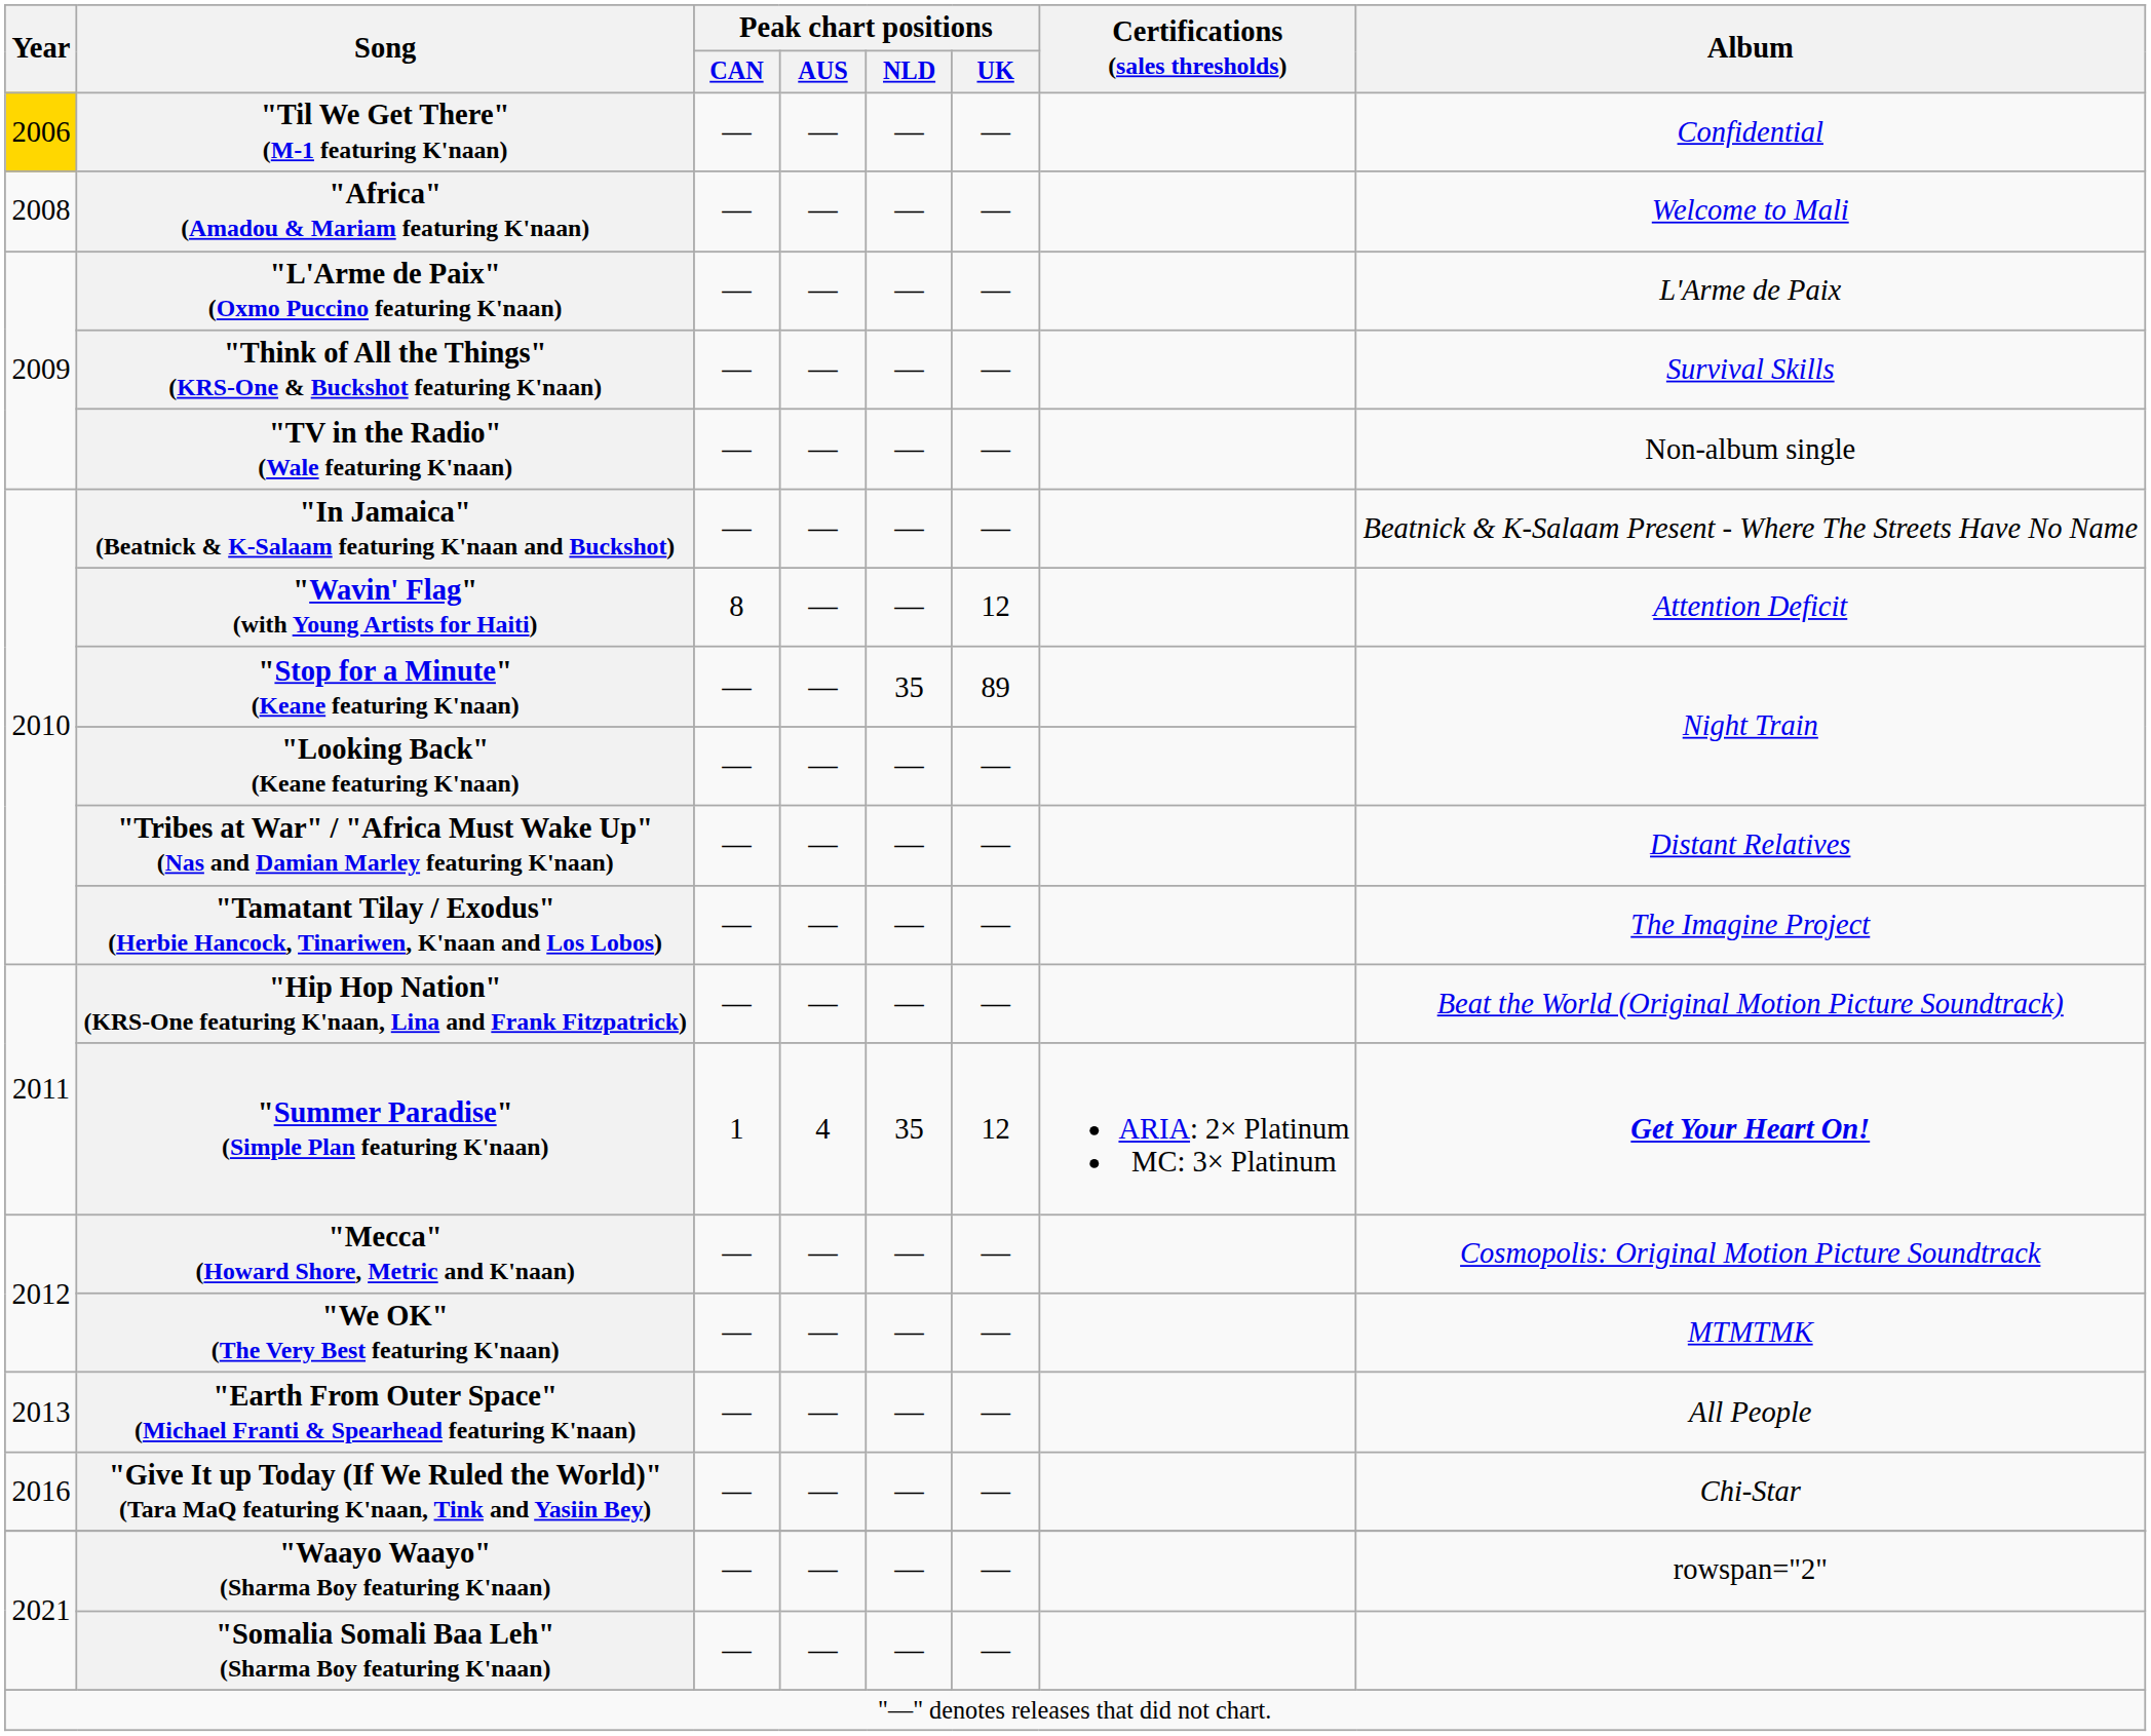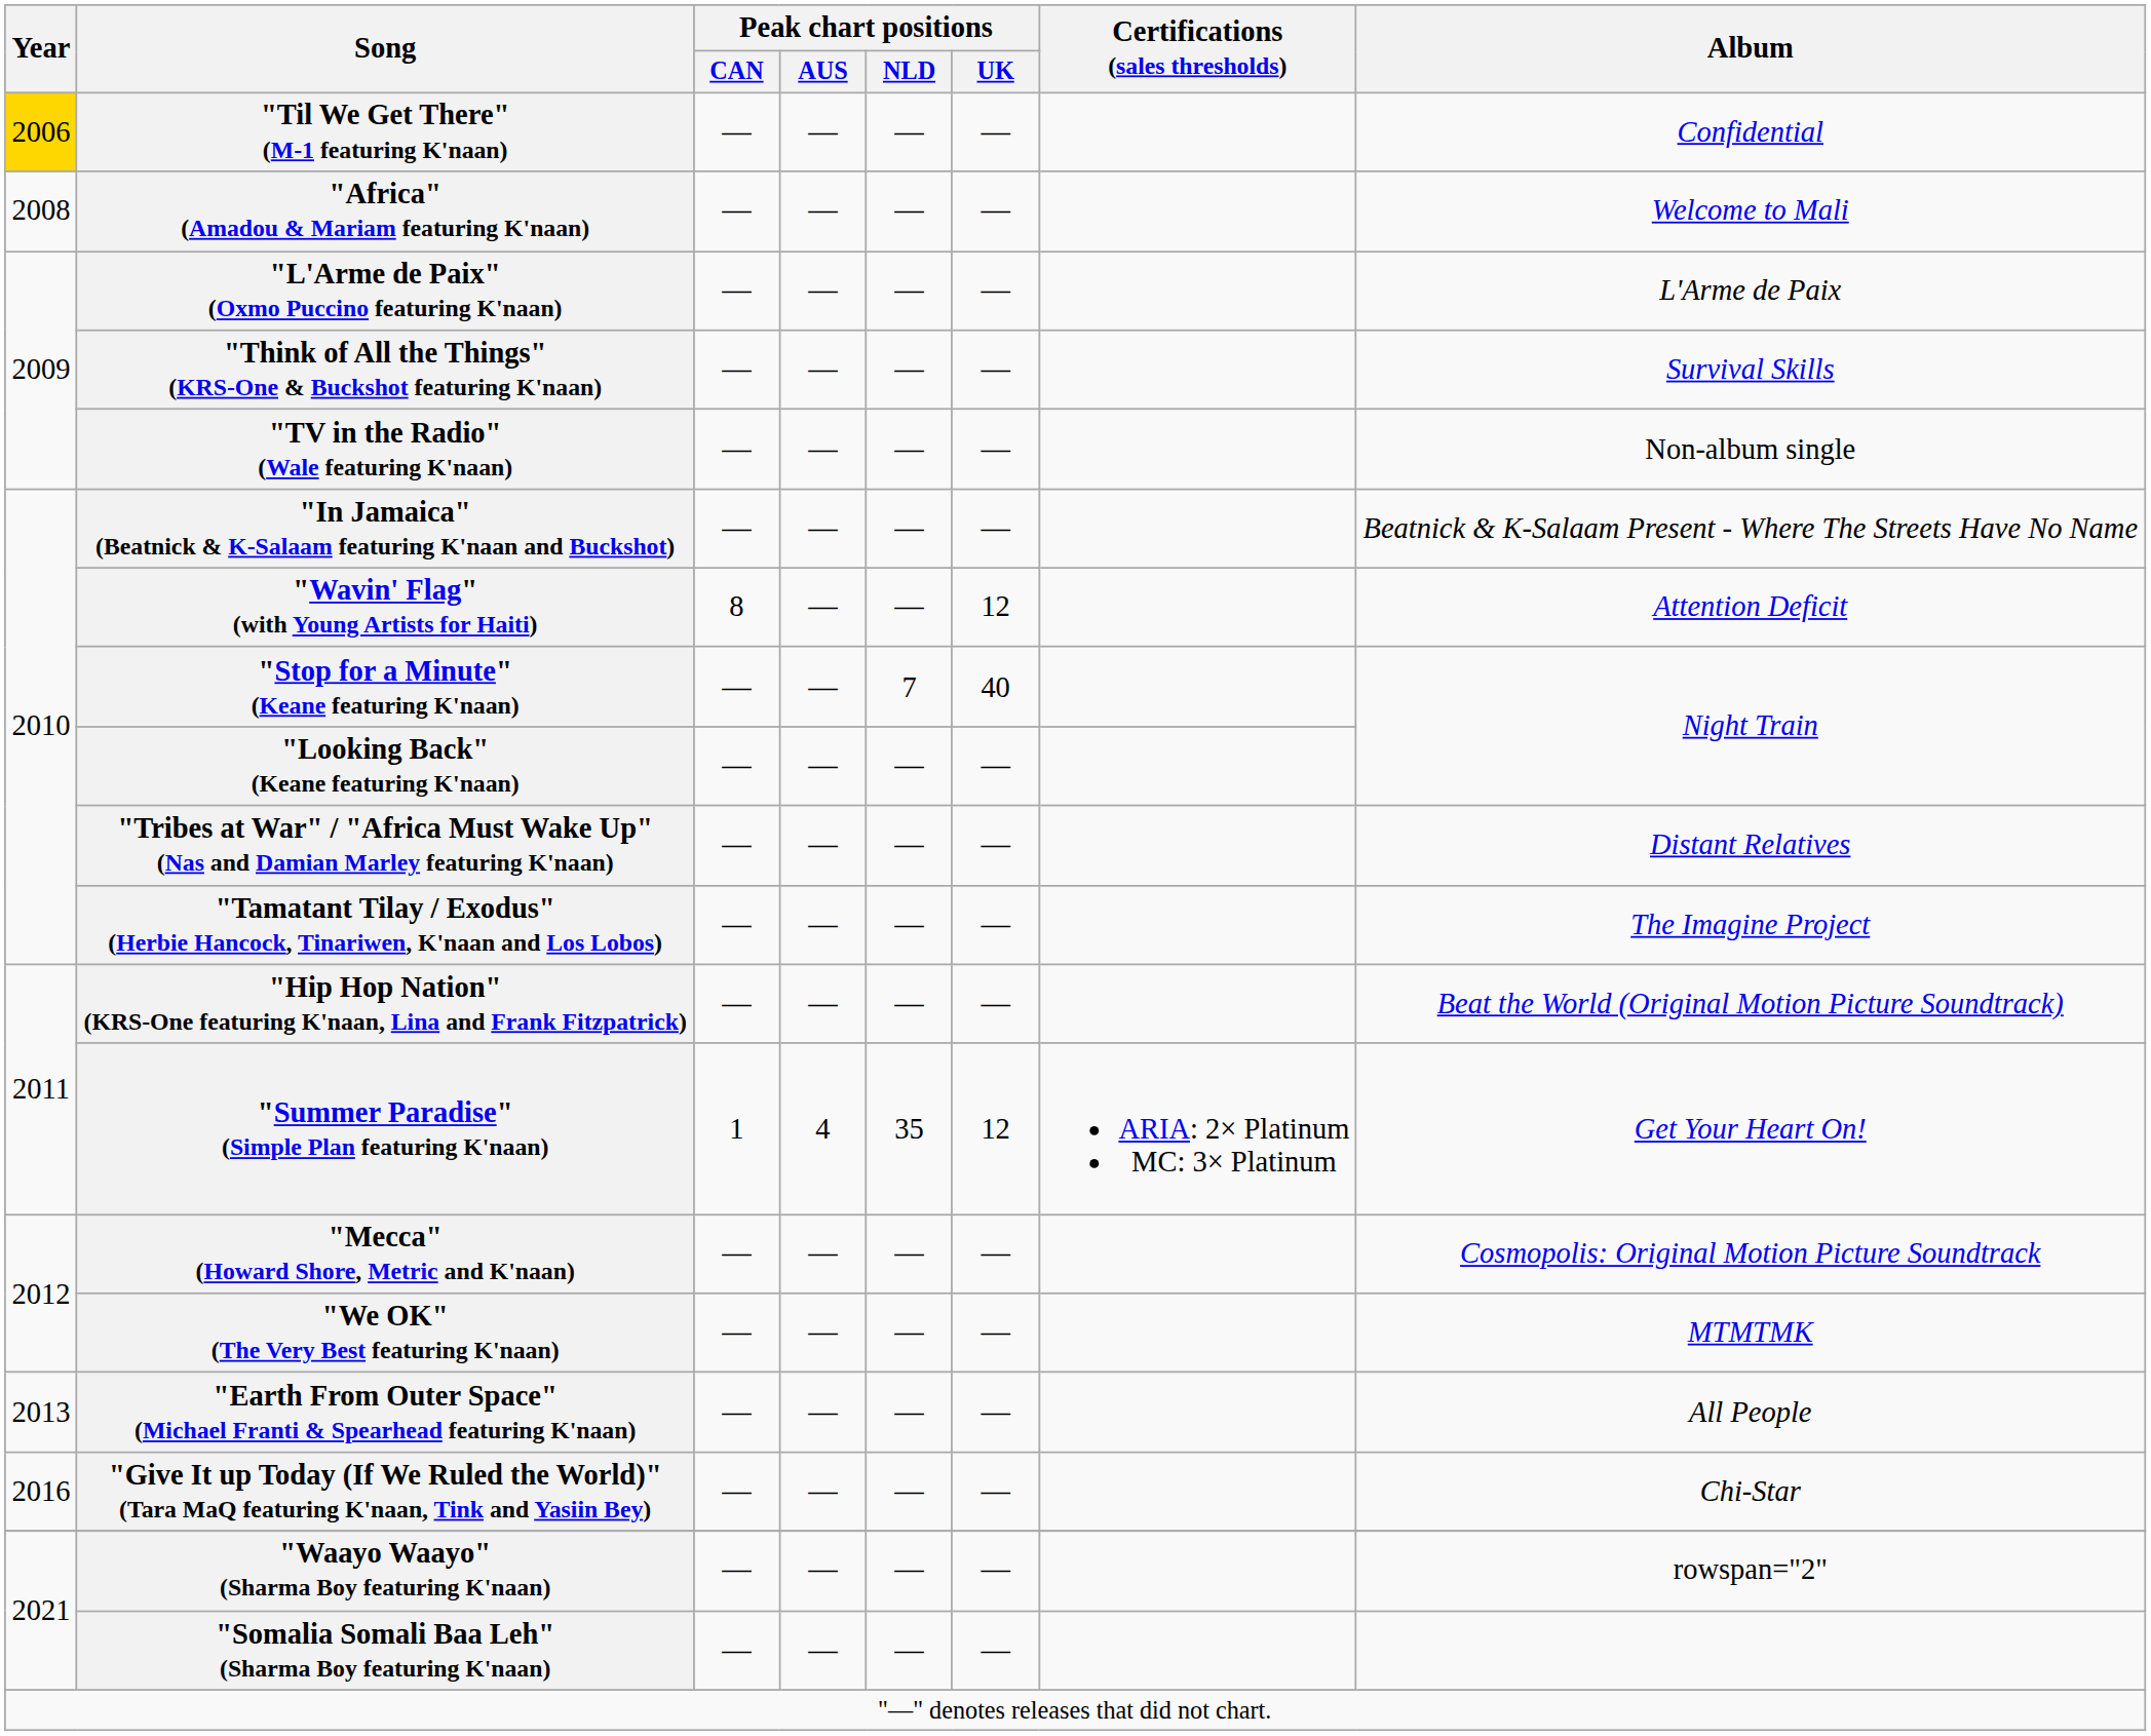 <table class="wikitable plainrowheaders" style="text-align:center;">
 <tr>
 <th scope="col" rowspan="2">Year</th>
 <th scope="col" rowspan="2">Song</th>
 <th scope="col" colspan="4">Peak chart positions</th>
 <th scope="col" rowspan="2">Certifications<br><small>(<a href='#'>sales thresholds</a>)</small></th>
 <th scope="col" rowspan="2">Album</th>
 </tr>
 <tr>
 <th scope="col" style="width:3em;font-size:85%;"><a href='#'>CAN</a></th>
 <th scope="col" style="width:3em;font-size:85%;"><a href='#'>AUS</a></th>
 <th scope="col" style="width:3em;font-size:85%;"><a href='#'>NLD</a></th>
 <th scope="col" style="width:3em;font-size:85%;"><a href='#'>UK</a></th>
 </tr>
 <tr>
 <td style="background: gold;">2006</td>
 <th scope="row">"Til We Get There"<br><small>(<a href='#'>M-1</a> featuring K'naan)</small></th>
 <td>—</td>
 <td>—</td>
 <td>—</td>
 <td>—</td>
 <td></td>
 <td><em><a href='#'>Confidential</a></em></td>
 </tr>
 <tr>
 <td>2008</td>
 <th scope="row">"Africa"<br><small>(<a href='#'>Amadou & Mariam</a> featuring K'naan)</small></th>
 <td>—</td>
 <td>—</td>
 <td>—</td>
 <td>—</td>
 <td></td>
 <td><em><a href='#'>Welcome to Mali</a></em></td>
 </tr>
 <tr>
 <td rowspan="3">2009</td>
 <th scope="row">"L'Arme de Paix"<br><small>(<a href='#'>Oxmo Puccino</a> featuring K'naan)</small></th>
 <td>—</td>
 <td>—</td>
 <td>—</td>
 <td>—</td>
 <td></td>
 <td><em>L'Arme de Paix</em></td>
 </tr>
 <tr>
 <th scope="row">"Think of All the Things"<br><small>(<a href='#'>KRS-One</a> & <a href='#'>Buckshot</a> featuring K'naan)</small></th>
 <td>—</td>
 <td>—</td>
 <td>—</td>
 <td>—</td>
 <td></td>
 <td><em><a href='#'>Survival Skills</a></em></td>
 </tr>
 <tr>
 <th scope="row">"TV in the Radio"<br><small>(<a href='#'>Wale</a> featuring K'naan)</small></th>
 <td>—</td>
 <td>—</td>
 <td>—</td>
 <td>—</td>
 <td></td>
 <td>Non-album single</td>
 </tr>
 <tr>
 <td rowspan="6">2010</td>
 <th scope="row">"In Jamaica"<br><small>(Beatnick & <a href='#'>K-Salaam</a> featuring K'naan and <a href='#'>Buckshot</a>)</small></th>
 <td>—</td>
 <td>—</td>
 <td>—</td>
 <td>—</td>
 <td></td>
 <td><em>Beatnick & K-Salaam Present - Where The Streets Have No Name</em></td>
 </tr>
 <tr>
 <th scope="row">"<a href='#'>Wavin' Flag</a>"<br><small>(with <a href='#'>Young Artists for Haiti</a>)</small></th>
 <td>8</td>
 <td>—</td>
 <td>—</td>
 <td>12</td>
 <td></td>
 <td><em><a href='#'>Attention Deficit</a></em></td>
 </tr>
 <tr>
 <th scope="row">"<a href='#'>Stop for a Minute</a>"<br><small>(<a href='#'>Keane</a> featuring K'naan)</small></th>
 <td>—</td>
 <td>—</td>
-<td>35</td>
-<td>89</td>
+<td>7</td>
+<td>40</td>
 <td></td>
 <td rowspan="2"><em><a href='#'>Night Train</a></em></td>
 </tr>
 <tr>
 <th scope="row">"Looking Back"<br><small>(Keane featuring K'naan)</small></th>
 <td>—</td>
 <td>—</td>
 <td>—</td>
 <td>—</td>
 <td></td>
 </tr>
 <tr>
 <th scope="row">"Tribes at War" / "Africa Must Wake Up"<br><small>(<a href='#'>Nas</a> and <a href='#'>Damian Marley</a> featuring K'naan)</small></th>
 <td>—</td>
 <td>—</td>
 <td>—</td>
 <td>—</td>
 <td></td>
 <td><em><a href='#'>Distant Relatives</a></em></td>
 </tr>
 <tr>
 <th scope="row">"Tamatant Tilay / Exodus"<br><small>(<a href='#'>Herbie Hancock</a>, <a href='#'>Tinariwen</a>, K'naan and <a href='#'>Los Lobos</a>)</small></th>
 <td>—</td>
 <td>—</td>
 <td>—</td>
 <td>—</td>
 <td></td>
 <td><em><a href='#'>The Imagine Project</a></em></td>
 </tr>
 <tr>
 <td rowspan="2">2011</td>
 <th scope="row">"Hip Hop Nation"<br><small>(KRS-One featuring K'naan, <a href='#'>Lina</a> and <a href='#'>Frank Fitzpatrick</a>)</small></th>
 <td>—</td>
 <td>—</td>
 <td>—</td>
 <td>—</td>
 <td></td>
 <td><em><a href='#'>Beat the World (Original Motion Picture Soundtrack)</a></em></td>
 </tr>
 <tr>
 <th scope="row">"<a href='#'>Summer Paradise</a>"<br><small>(<a href='#'>Simple Plan</a> featuring K'naan)</small></th>
 <td>1</td>
 <td>4</td>
 <td>35</td>
 <td>12</td>
 <td><br><ul><li><a href='#'>ARIA</a>: 2× Platinum</li><li>MC: 3× Platinum</li></ul></td>
-<td><strong><em><a href='#'>Get Your Heart On!</a></em></strong></td>
+<td><em><a href='#'>Get Your Heart On!</a></em></td>
 </tr>
 <tr>
 <td rowspan="2">2012</td>
 <th scope="row">"Mecca"<br><small>(<a href='#'>Howard Shore</a>, <a href='#'>Metric</a> and K'naan)</small></th>
 <td>—</td>
 <td>—</td>
 <td>—</td>
 <td>—</td>
 <td></td>
 <td><em><a href='#'>Cosmopolis: Original Motion Picture Soundtrack</a></em></td>
 </tr>
 <tr>
 <th scope="row">"We OK"<br><small>(<a href='#'>The Very Best</a> featuring K'naan)</small></th>
 <td>—</td>
 <td>—</td>
 <td>—</td>
 <td>—</td>
 <td></td>
 <td><em><a href='#'>MTMTMK</a></em></td>
 </tr>
 <tr>
 <td>2013</td>
 <th scope="row">"Earth From Outer Space"<br><small>(<a href='#'>Michael Franti & Spearhead</a> featuring K'naan)</small></th>
 <td>—</td>
 <td>—</td>
 <td>—</td>
 <td>—</td>
 <td></td>
 <td><em>All People</em></td>
 </tr>
 <tr>
 <td>2016</td>
 <th scope="row">"Give It up Today (If We Ruled the World)"<br><small>(Tara MaQ featuring K'naan, <a href='#'>Tink</a> and <a href='#'>Yasiin Bey</a>)</small></th>
 <td>—</td>
 <td>—</td>
 <td>—</td>
 <td>—</td>
 <td></td>
 <td><em>Chi-Star</em></td>
 </tr>
 <tr>
 </tr>
 <tr>
 <td rowspan="2">2021</td>
 <th scope="row">"Waayo Waayo"<br><small>(Sharma Boy featuring K'naan)</small></th>
 <td>—</td>
 <td>—</td>
 <td>—</td>
 <td>—</td>
 <td></td>
 <td>rowspan="2" </td>
 </tr>
 <tr>
 <th scope="row">"Somalia Somali Baa Leh"<br><small>(Sharma Boy featuring K'naan)</small></th>
 <td>—</td>
 <td>—</td>
 <td>—</td>
 <td>—</td>
 <td></td>
 </tr>
 <tr>
 <td colspan="18" style="text-align:center; font-size:85%">"—" denotes releases that did not chart.</td>
 </tr>
 </table>
